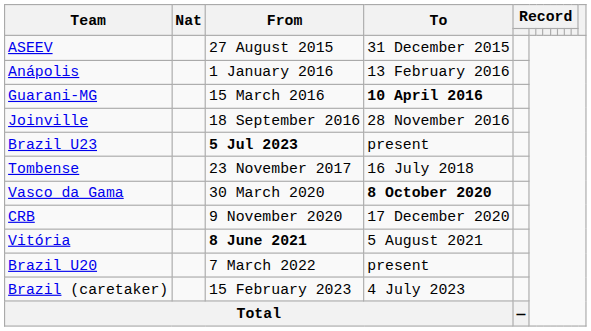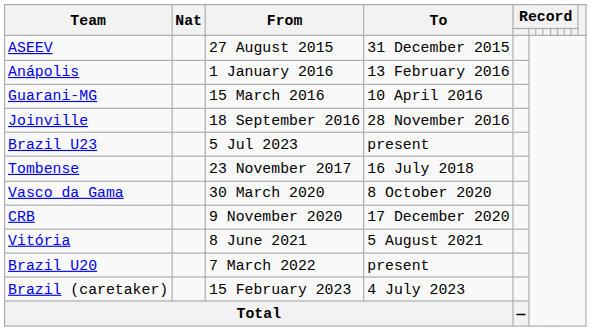 <table class="wikitable" style="text-align: center">
 <tr>
 <th rowspan="2">Team</th>
 <th rowspan="2">Nat</th>
 <th rowspan="2">From</th>
 <th rowspan="2">To</th>
 <th colspan="8">Record</th>
 <th rowspan=2></th>
 </tr>
 <tr>
 <th></th>
 <th></th>
 <th></th>
 <th></th>
 <th></th>
 <th></th>
 <th></th>
 <th></th>
 </tr>
 <tr>
 <td align=left><a href='#'>ASEEV</a></td>
 <td></td>
 <td align=left>27 August 2015</td>
 <td align=left>31 December 2015<br></td>
 <td></td>
 </tr>
 <tr>
 <td align=left><a href='#'>Anápolis</a></td>
 <td></td>
 <td align=left>1 January 2016</td>
 <td align=left>13 February 2016<br></td>
 <td></td>
 </tr>
 <tr>
 <td align=left><a href='#'>Guarani-MG</a></td>
 <td></td>
 <td align=left>15 March 2016</td>
-<td align=left><strong>10 April 2016<br></strong></td>
+<td align=left>10 April 2016<br></td>
 <td></td>
 </tr>
 <tr>
 <td align=left><a href='#'>Joinville</a></td>
 <td></td>
 <td align=left>18 September 2016</td>
 <td align=left>28 November 2016<br></td>
 <td></td>
 </tr>
 <tr>
 <td align=left><a href='#'>Brazil U23</a></td>
 <td></td>
-<td align=left><strong>5 Jul 2023</strong></td>
+<td align=left>5 Jul 2023</td>
 <td align=left>present<br></td>
 <td></td>
 </tr>
 <tr>
 <td align=left><a href='#'>Tombense</a></td>
 <td></td>
 <td align=left>23 November 2017</td>
 <td align=left>16 July 2018<br></td>
 <td></td>
 </tr>
 <tr>
 <td align=left><a href='#'>Vasco da Gama</a></td>
 <td></td>
 <td align=left>30 March 2020</td>
-<td align=left><strong>8 October 2020<br></strong></td>
+<td align=left>8 October 2020<br></td>
 <td></td>
 </tr>
 <tr>
 <td align=left><a href='#'>CRB</a></td>
 <td></td>
 <td align=left>9 November 2020</td>
 <td align=left>17 December 2020<br></td>
 <td></td>
 </tr>
 <tr>
 <td align=left><a href='#'>Vitória</a></td>
 <td></td>
-<td align=left><strong>8 June 2021</strong></td>
+<td align=left>8 June 2021</td>
 <td align=left>5 August 2021<br></td>
 <td></td>
 </tr>
 <tr>
 <td align=left><a href='#'>Brazil U20</a></td>
 <td></td>
 <td align=left>7 March 2022</td>
 <td align=left>present<br></td>
 <td></td>
 </tr>
 <tr>
 <td align=left><a href='#'>Brazil</a> (caretaker)</td>
 <td></td>
 <td align=left>15 February 2023</td>
 <td align=left>4 July 2023<br></td>
 <td></td>
 </tr>
 <tr>
 <th colspan="4">Total<br></th>
 <th>—</th>
 </tr>
 </table>
